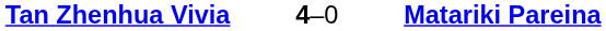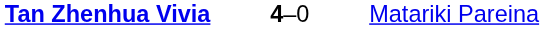 <table>
 <tr>
 <th width=200></th>
 <th width=100></th>
 <th width=200></th>
 </tr>
 <tr>
 <td align=right><strong><a href='#'>Tan Zhenhua Vivia</a> </strong></td>
 <td align=center><strong>4</strong>–0</td>
-<td><strong> <a href='#'>Matariki Pareina</a></strong></td>
+<td> <a href='#'>Matariki Pareina</a></td>
 </tr>
 </table>
